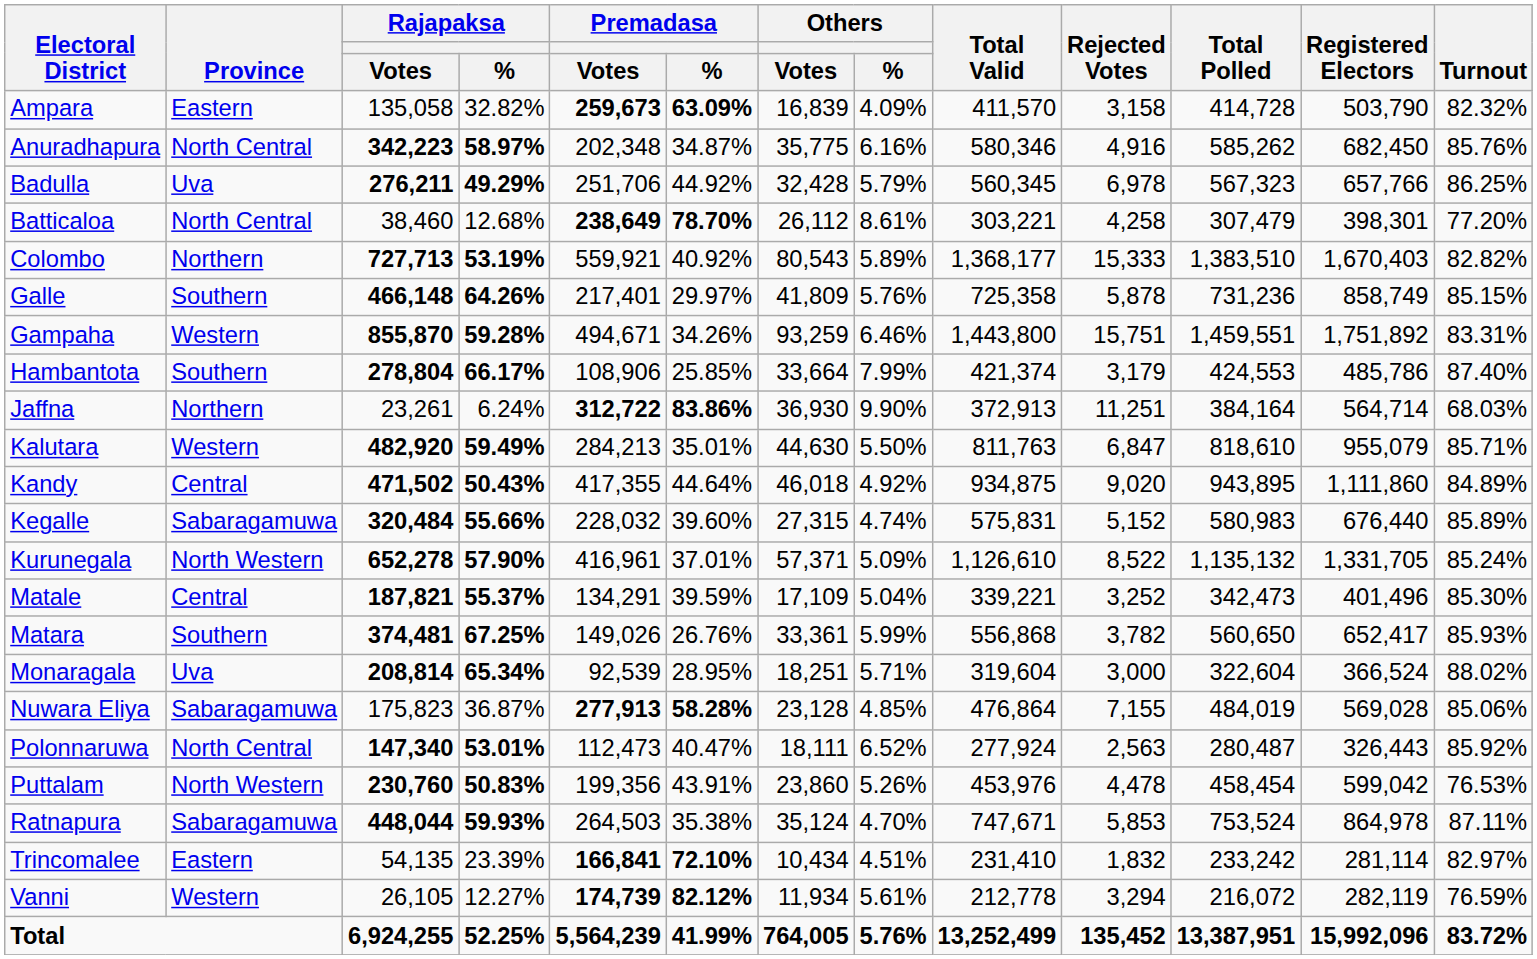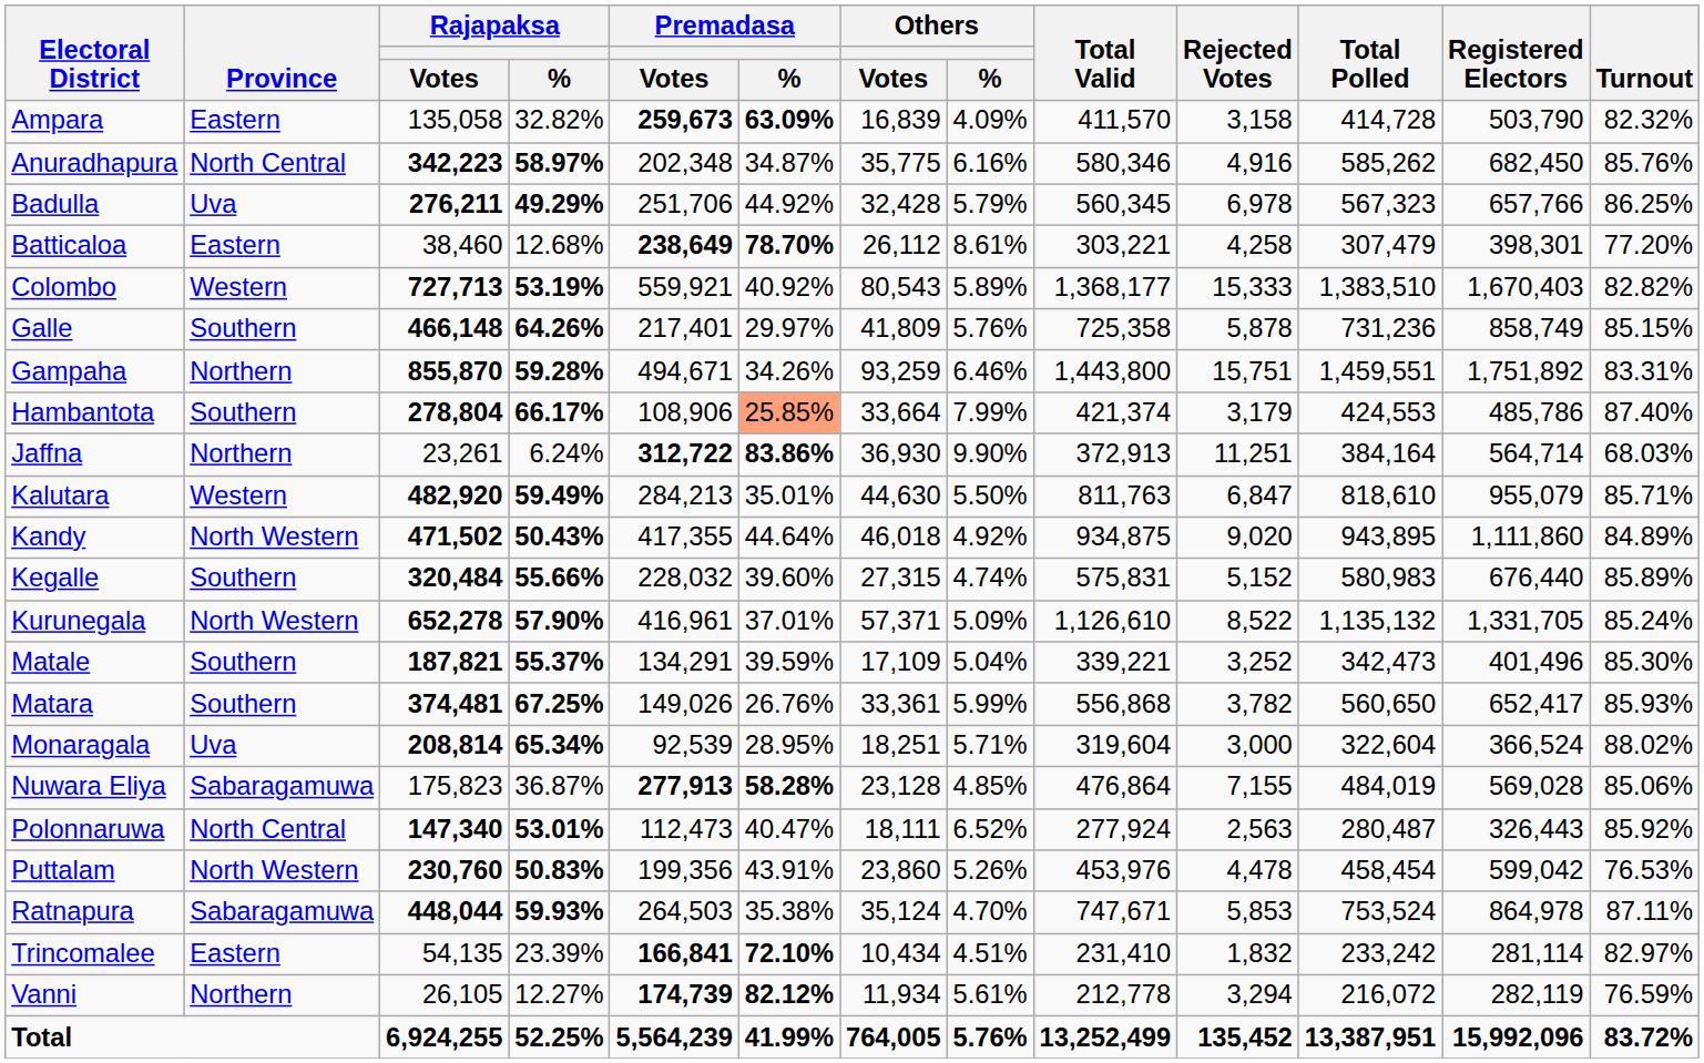 <table class="wikitable plainrowheaders sortable" style="font-size:100%; text-align:right;">
 <tr>
 <th valign=bottom rowspan=3><a href='#'>Electoral<br>District</a></th>
 <th valign=bottom rowspan=3><a href='#'>Province</a></th>
 <th colspan=2><a href='#'>Rajapaksa</a></th>
 <th colspan=2><a href='#'>Premadasa</a></th>
 <th colspan=2>Others</th>
 <th valign=bottom rowspan=3>Total<br>Valid</th>
 <th valign=bottom rowspan=3>Rejected<br>Votes</th>
 <th valign=bottom rowspan=3>Total<br>Polled</th>
 <th valign=bottom rowspan=3>Registered<br>Electors</th>
 <th valign=bottom rowspan=3>Turnout</th>
 </tr>
 <tr>
 <th colspan=2 style="background:"></th>
 <th colspan=2 style="background:"></th>
 <th colspan=2></th>
 </tr>
 <tr>
 <th>Votes</th>
 <th align=center>%</th>
 <th>Votes</th>
 <th align=center>%</th>
 <th>Votes</th>
 <th align=center>%</th>
 </tr>
 <tr>
 <td align=left><a href='#'>Ampara</a></td>
 <td align=left><a href='#'>Eastern</a></td>
 <td>135,058</td>
 <td>32.82%</td>
 <td><strong>259,673</strong></td>
 <td><strong>63.09%</strong></td>
 <td>16,839</td>
 <td>4.09%</td>
 <td>411,570</td>
 <td>3,158</td>
 <td>414,728</td>
 <td>503,790</td>
 <td>82.32%</td>
 </tr>
 <tr>
 <td align=left><a href='#'>Anuradhapura</a></td>
 <td align=left><a href='#'>North Central</a></td>
 <td><strong>342,223</strong></td>
 <td><strong>58.97%</strong></td>
 <td>202,348</td>
 <td>34.87%</td>
 <td>35,775</td>
 <td>6.16%</td>
 <td>580,346</td>
 <td>4,916</td>
 <td>585,262</td>
 <td>682,450</td>
 <td>85.76%</td>
 </tr>
 <tr>
 <td align=left><a href='#'>Badulla</a></td>
 <td align=left><a href='#'>Uva</a></td>
 <td><strong>276,211</strong></td>
 <td><strong>49.29%</strong></td>
 <td>251,706</td>
 <td>44.92%</td>
 <td>32,428</td>
 <td>5.79%</td>
 <td>560,345</td>
 <td>6,978</td>
 <td>567,323</td>
 <td>657,766</td>
 <td>86.25%</td>
 </tr>
 <tr>
 <td align=left><a href='#'>Batticaloa</a></td>
-<td align=left><a href='#'>North Central</a></td>
+<td align=left><a href='#'>Eastern</a></td>
 <td>38,460</td>
 <td>12.68%</td>
 <td><strong>238,649</strong></td>
 <td><strong>78.70%</strong></td>
 <td>26,112</td>
 <td>8.61%</td>
 <td>303,221</td>
 <td>4,258</td>
 <td>307,479</td>
 <td>398,301</td>
 <td>77.20%</td>
 </tr>
 <tr>
 <td align=left><a href='#'>Colombo</a></td>
-<td align=left><a href='#'>Northern</a></td>
+<td align=left><a href='#'>Western</a></td>
 <td><strong>727,713</strong></td>
 <td><strong>53.19%</strong></td>
 <td>559,921</td>
 <td>40.92%</td>
 <td>80,543</td>
 <td>5.89%</td>
 <td>1,368,177</td>
 <td>15,333</td>
 <td>1,383,510</td>
 <td>1,670,403</td>
 <td>82.82%</td>
 </tr>
 <tr>
 <td align=left><a href='#'>Galle</a></td>
 <td align=left><a href='#'>Southern</a></td>
 <td><strong>466,148</strong></td>
 <td><strong>64.26%</strong></td>
 <td>217,401</td>
 <td>29.97%</td>
 <td>41,809</td>
 <td>5.76%</td>
 <td>725,358</td>
 <td>5,878</td>
 <td>731,236</td>
 <td>858,749</td>
 <td>85.15%</td>
 </tr>
 <tr>
 <td align=left><a href='#'>Gampaha</a></td>
-<td align=left><a href='#'>Western</a></td>
+<td align=left><a href='#'>Northern</a></td>
 <td><strong>855,870</strong></td>
 <td><strong>59.28%</strong></td>
 <td>494,671</td>
 <td>34.26%</td>
 <td>93,259</td>
 <td>6.46%</td>
 <td>1,443,800</td>
 <td>15,751</td>
 <td>1,459,551</td>
 <td>1,751,892</td>
 <td>83.31%</td>
 </tr>
 <tr>
 <td align=left><a href='#'>Hambantota</a></td>
 <td align=left><a href='#'>Southern</a></td>
 <td><strong>278,804</strong></td>
 <td><strong>66.17%</strong></td>
 <td>108,906</td>
-<td>25.85%</td>
+<td style="background: lightsalmon;">25.85%</td>
 <td>33,664</td>
 <td>7.99%</td>
 <td>421,374</td>
 <td>3,179</td>
 <td>424,553</td>
 <td>485,786</td>
 <td>87.40%</td>
 </tr>
 <tr>
 <td align=left><a href='#'>Jaffna</a></td>
 <td align=left><a href='#'>Northern</a></td>
 <td>23,261</td>
 <td>6.24%</td>
 <td><strong>312,722</strong></td>
 <td><strong>83.86%</strong></td>
 <td>36,930</td>
 <td>9.90%</td>
 <td>372,913</td>
 <td>11,251</td>
 <td>384,164</td>
 <td>564,714</td>
 <td>68.03%</td>
 </tr>
 <tr>
 <td align=left><a href='#'>Kalutara</a></td>
 <td align=left><a href='#'>Western</a></td>
 <td><strong>482,920</strong></td>
 <td><strong>59.49%</strong></td>
 <td>284,213</td>
 <td>35.01%</td>
 <td>44,630</td>
 <td>5.50%</td>
 <td>811,763</td>
 <td>6,847</td>
 <td>818,610</td>
 <td>955,079</td>
 <td>85.71%</td>
 </tr>
 <tr>
 <td align=left><a href='#'>Kandy</a></td>
-<td align=left><a href='#'>Central</a></td>
+<td align=left><a href='#'>North Western</a></td>
 <td><strong>471,502</strong></td>
 <td><strong>50.43%</strong></td>
 <td>417,355</td>
 <td>44.64%</td>
 <td>46,018</td>
 <td>4.92%</td>
 <td>934,875</td>
 <td>9,020</td>
 <td>943,895</td>
 <td>1,111,860</td>
 <td>84.89%</td>
 </tr>
 <tr>
 <td align=left><a href='#'>Kegalle</a></td>
-<td align=left><a href='#'>Sabaragamuwa</a></td>
+<td align=left><a href='#'>Southern</a></td>
 <td><strong>320,484</strong></td>
 <td><strong>55.66%</strong></td>
 <td>228,032</td>
 <td>39.60%</td>
 <td>27,315</td>
 <td>4.74%</td>
 <td>575,831</td>
 <td>5,152</td>
 <td>580,983</td>
 <td>676,440</td>
 <td>85.89%</td>
 </tr>
 <tr>
 <td align=left><a href='#'>Kurunegala</a></td>
 <td align=left><a href='#'>North Western</a></td>
 <td><strong>652,278</strong></td>
 <td><strong>57.90%</strong></td>
 <td>416,961</td>
 <td>37.01%</td>
 <td>57,371</td>
 <td>5.09%</td>
 <td>1,126,610</td>
 <td>8,522</td>
 <td>1,135,132</td>
 <td>1,331,705</td>
 <td>85.24%</td>
 </tr>
 <tr>
 <td align=left><a href='#'>Matale</a></td>
-<td align=left><a href='#'>Central</a></td>
+<td align=left><a href='#'>Southern</a></td>
 <td><strong>187,821</strong></td>
 <td><strong>55.37%</strong></td>
 <td>134,291</td>
 <td>39.59%</td>
 <td>17,109</td>
 <td>5.04%</td>
 <td>339,221</td>
 <td>3,252</td>
 <td>342,473</td>
 <td>401,496</td>
 <td>85.30%</td>
 </tr>
 <tr>
 <td align=left><a href='#'>Matara</a></td>
 <td align=left><a href='#'>Southern</a></td>
 <td><strong>374,481</strong></td>
 <td><strong>67.25%</strong></td>
 <td>149,026</td>
 <td>26.76%</td>
 <td>33,361</td>
 <td>5.99%</td>
 <td>556,868</td>
 <td>3,782</td>
 <td>560,650</td>
 <td>652,417</td>
 <td>85.93%</td>
 </tr>
 <tr>
 <td align=left><a href='#'>Monaragala</a></td>
 <td align=left><a href='#'>Uva</a></td>
 <td><strong>208,814</strong></td>
 <td><strong>65.34%</strong></td>
 <td>92,539</td>
 <td>28.95%</td>
 <td>18,251</td>
 <td>5.71%</td>
 <td>319,604</td>
 <td>3,000</td>
 <td>322,604</td>
 <td>366,524</td>
 <td>88.02%</td>
 </tr>
 <tr>
 <td align=left><a href='#'>Nuwara Eliya</a></td>
 <td align=left><a href='#'>Sabaragamuwa</a></td>
 <td>175,823</td>
 <td>36.87%</td>
 <td><strong>277,913</strong></td>
 <td><strong>58.28%</strong></td>
 <td>23,128</td>
 <td>4.85%</td>
 <td>476,864</td>
 <td>7,155</td>
 <td>484,019</td>
 <td>569,028</td>
 <td>85.06%</td>
 </tr>
 <tr>
 <td align=left><a href='#'>Polonnaruwa</a></td>
 <td align=left><a href='#'>North Central</a></td>
 <td><strong>147,340</strong></td>
 <td><strong>53.01%</strong></td>
 <td>112,473</td>
 <td>40.47%</td>
 <td>18,111</td>
 <td>6.52%</td>
 <td>277,924</td>
 <td>2,563</td>
 <td>280,487</td>
 <td>326,443</td>
 <td>85.92%</td>
 </tr>
 <tr>
 <td align=left><a href='#'>Puttalam</a></td>
 <td align=left><a href='#'>North Western</a></td>
 <td><strong>230,760</strong></td>
 <td><strong>50.83%</strong></td>
 <td>199,356</td>
 <td>43.91%</td>
 <td>23,860</td>
 <td>5.26%</td>
 <td>453,976</td>
 <td>4,478</td>
 <td>458,454</td>
 <td>599,042</td>
 <td>76.53%</td>
 </tr>
 <tr>
 <td align=left><a href='#'>Ratnapura</a></td>
 <td align=left><a href='#'>Sabaragamuwa</a></td>
 <td><strong>448,044</strong></td>
 <td><strong>59.93%</strong></td>
 <td>264,503</td>
 <td>35.38%</td>
 <td>35,124</td>
 <td>4.70%</td>
 <td>747,671</td>
 <td>5,853</td>
 <td>753,524</td>
 <td>864,978</td>
 <td>87.11%</td>
 </tr>
 <tr>
 <td align=left><a href='#'>Trincomalee</a></td>
 <td align=left><a href='#'>Eastern</a></td>
 <td>54,135</td>
 <td>23.39%</td>
 <td><strong>166,841</strong></td>
 <td><strong>72.10%</strong></td>
 <td>10,434</td>
 <td>4.51%</td>
 <td>231,410</td>
 <td>1,832</td>
 <td>233,242</td>
 <td>281,114</td>
 <td>82.97%</td>
 </tr>
 <tr>
 <td align=left><a href='#'>Vanni</a></td>
-<td align=left><a href='#'>Western</a></td>
+<td align=left><a href='#'>Northern</a></td>
 <td>26,105</td>
 <td>12.27%</td>
 <td><strong>174,739</strong></td>
 <td><strong>82.12%</strong></td>
 <td>11,934</td>
 <td>5.61%</td>
 <td>212,778</td>
 <td>3,294</td>
 <td>216,072</td>
 <td>282,119</td>
 <td>76.59%</td>
 </tr>
 <tr class="sortbottom" style="font-weight:bold">
 <td colspan=2 align=left>Total</td>
 <td>6,924,255</td>
 <td>52.25%</td>
 <td>5,564,239</td>
 <td>41.99%</td>
 <td>764,005</td>
 <td>5.76%</td>
 <td>13,252,499</td>
 <td>135,452</td>
 <td>13,387,951</td>
 <td>15,992,096</td>
 <td>83.72%</td>
 </tr>
 </table>
